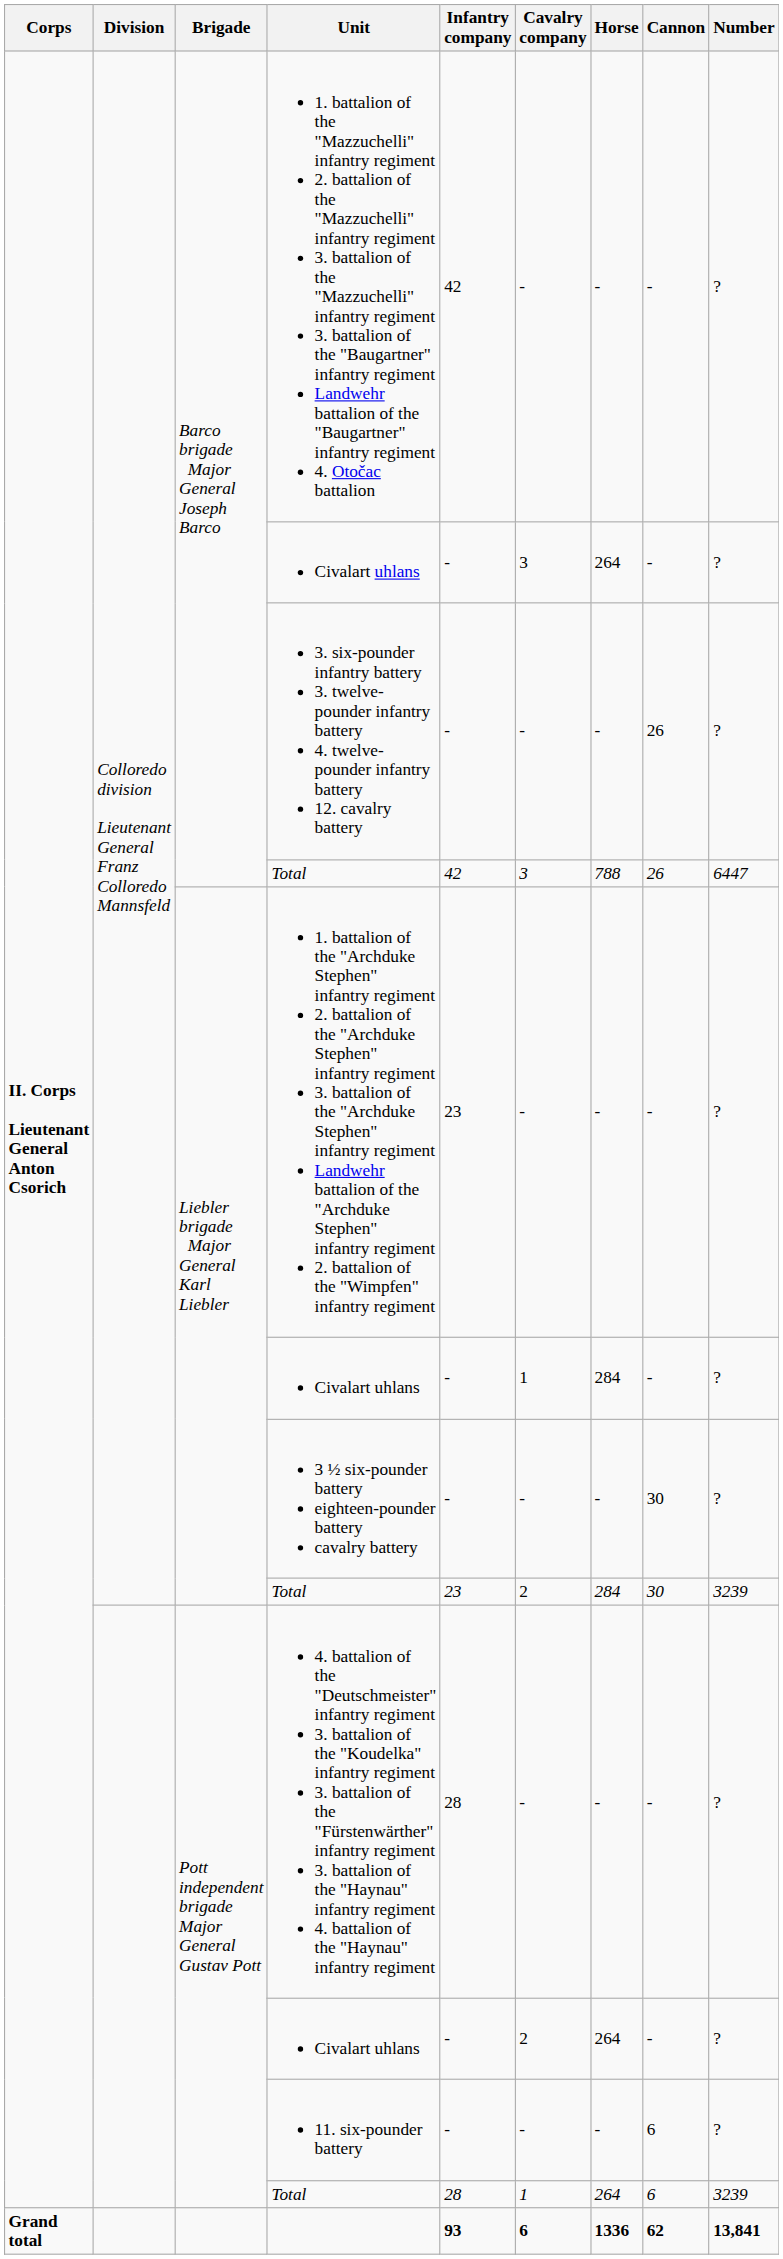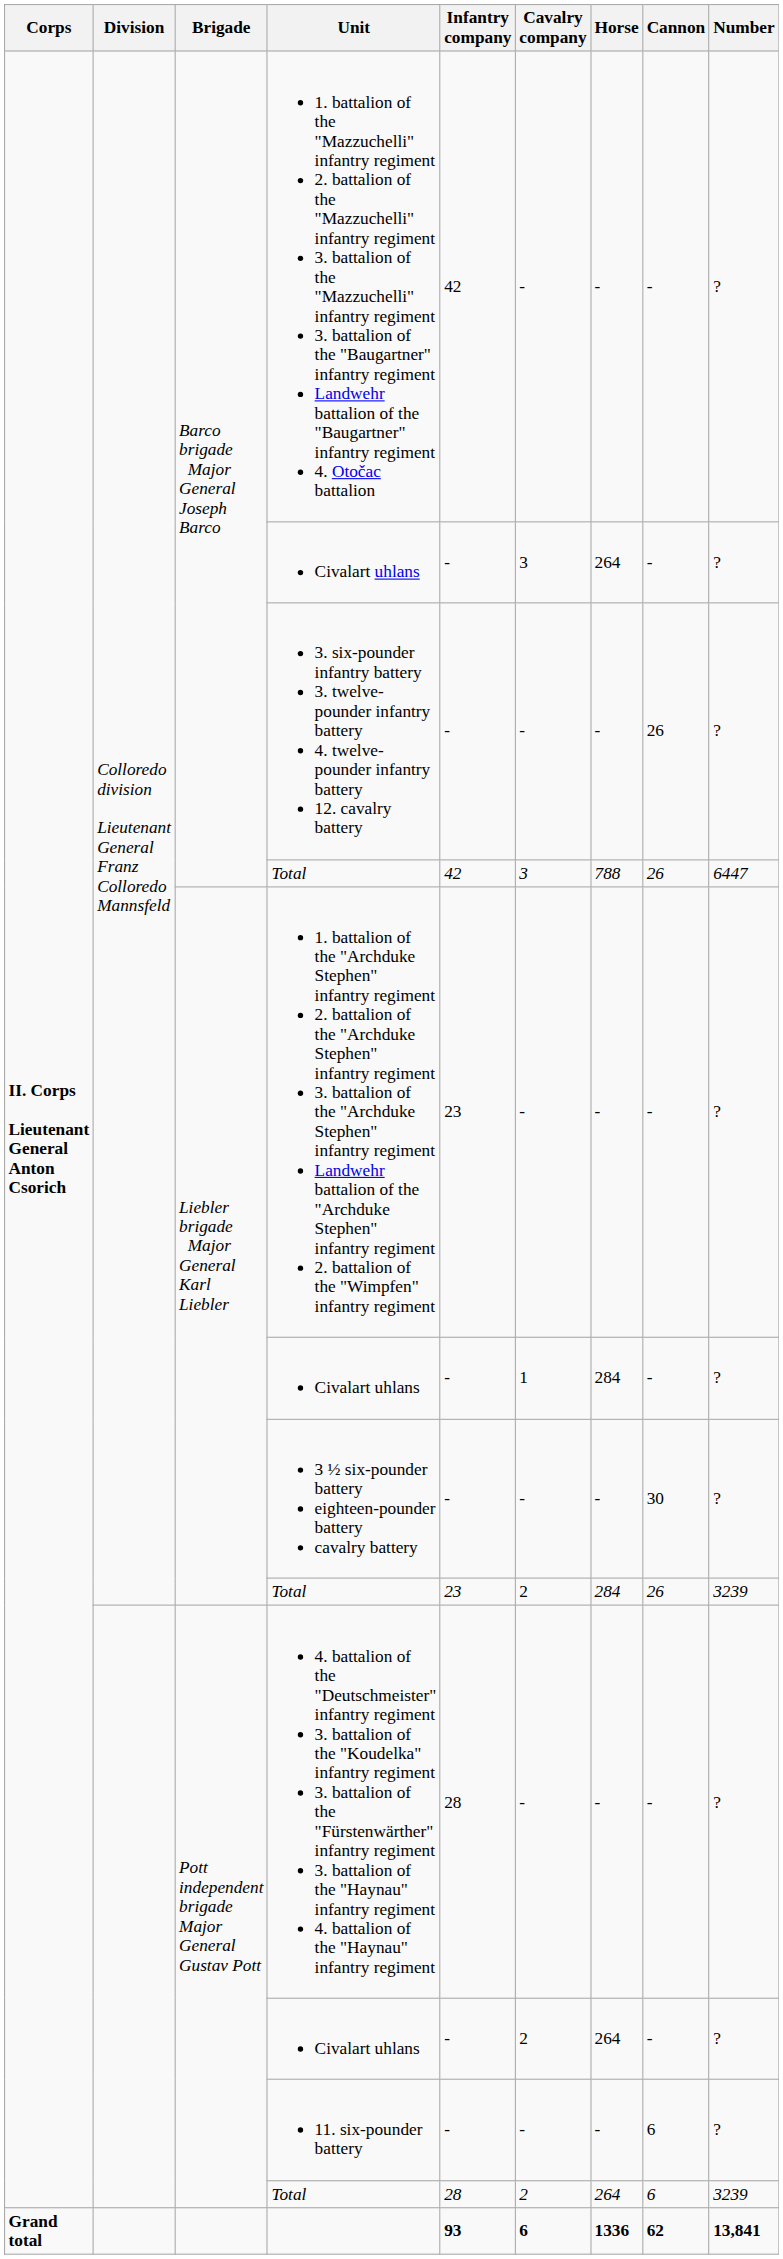 <table class="wikitable">
 <tr>
 <th width=15%>Corps</th>
 <th width=15%>Division</th>
 <th width=15%>Brigade</th>
 <th width=40%>Unit</th>
 <th width=5%>Infantry company</th>
 <th width=5%>Cavalry company</th>
 <th width=5%>Horse</th>
 <th width=5%>Cannon</th>
 <th width=5%>Number</th>
 </tr>
 <tr>
 <td rowspan="12"><br><strong>II. Corps</strong> <br>   <strong>Lieutenant General Anton Csorich</strong></td>
 <td rowspan="8"><br><em>Colloredo division</em> <br>  <em>Lieutenant General Franz Colloredo Mannsfeld</em></td>
 <td rowspan="4"><br><em>Barco brigade</em> <br>  <em>Major General Joseph Barco</em></td>
 <td><br><ul><li>1. battalion of the "Mazzuchelli" infantry regiment</li><li>2. battalion of the "Mazzuchelli" infantry regiment</li><li>3. battalion of the "Mazzuchelli" infantry regiment</li><li>3. battalion of the "Baugartner" infantry regiment</li><li><a href='#'>Landwehr</a> battalion of the "Baugartner" infantry regiment</li><li>4. <a href='#'>Otočac</a> battalion</li></ul></td>
 <td>42</td>
 <td>-</td>
 <td>-</td>
 <td>-</td>
 <td>?</td>
 </tr>
 <tr>
 <td><br><ul><li>Civalart <a href='#'>uhlans</a></li></ul></td>
 <td>-</td>
 <td>3</td>
 <td>264</td>
 <td>-</td>
 <td>?</td>
 </tr>
 <tr>
 <td><br><ul><li>3. six-pounder infantry battery</li><li>3. twelve-pounder infantry battery</li><li>4. twelve-pounder infantry battery</li><li>12. cavalry battery</li></ul></td>
 <td>-</td>
 <td>-</td>
 <td>-</td>
 <td>26</td>
 <td>?</td>
 </tr>
 <tr>
 <td><em>Total</em></td>
 <td><em>42</em></td>
 <td><em>3</em></td>
 <td><em>788</em></td>
 <td><em>26</em></td>
 <td><em>6447</em></td>
 </tr>
 <tr>
 <td rowspan="4"><br><em>Liebler brigade</em> <br>  <em>Major General Karl Liebler</em></td>
 <td><br><ul><li>1. battalion of the "Archduke Stephen" infantry regiment</li><li>2. battalion of the "Archduke Stephen" infantry regiment</li><li>3. battalion of the "Archduke Stephen" infantry regiment</li><li><a href='#'>Landwehr</a> battalion of the "Archduke Stephen" infantry regiment</li><li>2. battalion of the "Wimpfen" infantry regiment</li></ul></td>
 <td>23</td>
 <td>-</td>
 <td>-</td>
 <td>-</td>
 <td>?</td>
 </tr>
 <tr>
 <td><br><ul><li>Civalart uhlans</li></ul></td>
 <td>-</td>
 <td>1</td>
 <td>284</td>
 <td>-</td>
 <td>?</td>
 </tr>
 <tr>
 <td><br><ul><li>3 ½ six-pounder battery</li><li>eighteen-pounder battery</li><li>cavalry battery</li></ul></td>
 <td>-</td>
 <td>-</td>
 <td>-</td>
 <td>30</td>
 <td>?</td>
 </tr>
 <tr>
 <td><em>Total</em></td>
 <td><em>23</em></td>
 <td>2</td>
 <td><em>284</em></td>
-<td><em>30</em></td>
+<td><em>26</em></td>
 <td><em>3239</em></td>
 </tr>
 <tr>
 <td rowspan="4"></td>
 <td rowspan="4"><br><em>Pott independent brigade</em><br> <em>Major General Gustav Pott</em></td>
 <td><br><ul><li>4. battalion of the "Deutschmeister" infantry regiment</li><li>3. battalion of the "Koudelka" infantry regiment</li><li>3. battalion of the "Fürstenwärther" infantry regiment</li><li>3. battalion of the "Haynau" infantry regiment</li><li>4. battalion of the "Haynau" infantry regiment</li></ul></td>
 <td>28</td>
 <td>-</td>
 <td>-</td>
 <td>-</td>
 <td>?</td>
 </tr>
 <tr>
 <td><br><ul><li>Civalart uhlans</li></ul></td>
 <td>-</td>
 <td>2</td>
 <td>264</td>
 <td>-</td>
 <td>?</td>
 </tr>
 <tr>
 <td><br><ul><li>11. six-pounder battery</li></ul></td>
 <td>-</td>
 <td>-</td>
 <td>-</td>
 <td>6</td>
 <td>?</td>
 </tr>
 <tr>
 <td><em>Total</em></td>
 <td><em>28</em></td>
-<td><em>1</em></td>
+<td><em>2</em></td>
 <td><em>264</em></td>
 <td><em>6</em></td>
 <td><em>3239</em></td>
 </tr>
 <tr>
 <td><strong>Grand total</strong></td>
 <td></td>
 <td></td>
 <td></td>
 <td><strong>93</strong></td>
 <td><strong>6</strong></td>
 <td><strong>1336</strong></td>
 <td><strong>62</strong></td>
 <td><strong>13,841</strong></td>
 </tr>
 </table>
